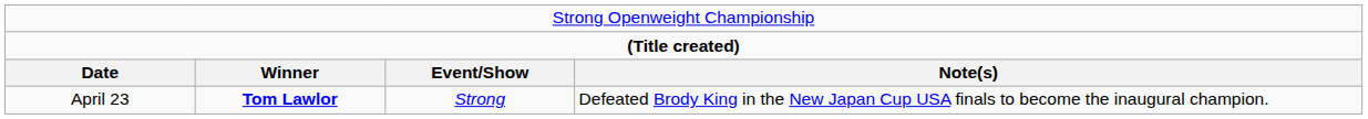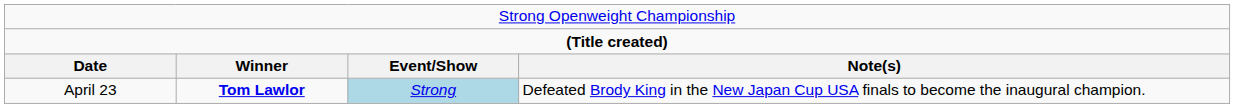 <table class="wikitable" style="text-align:center; width:100%;">
 <tr>
 <td colspan="4" style="text-align: center;"><a href='#'>Strong Openweight Championship</a></td>
 </tr>
 <tr>
 <td colspan="4" style="text-align: center;"><strong>(Title created)</strong></td>
 </tr>
 <tr>
 <th width=14%>Date</th>
 <th width=14%>Winner</th>
 <th width=14%>Event/Show</th>
 <th width=58%>Note(s)</th>
 </tr>
 <tr>
 <td>April 23</td>
 <td><strong><a href='#'>Tom Lawlor</a></strong></td>
-<td><em><a href='#'>Strong</a></em></td>
+<td style="background: lightblue;"><em><a href='#'>Strong</a></em></td>
 <td align=left>Defeated <a href='#'>Brody King</a> in the <a href='#'>New Japan Cup USA</a> finals to become the inaugural champion.</td>
 </tr>
 </table>
